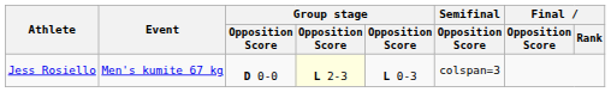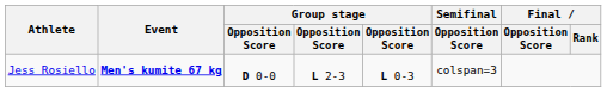 <table class="wikitable" style="font-size:90%">
 <tr>
 <th rowspan="2">Athlete</th>
 <th rowspan="2">Event</th>
 <th colspan="3">Group stage</th>
 <th>Semifinal</th>
 <th colspan=2>Final / </th>
 </tr>
 <tr style="font-size:95%">
 <th>Opposition <br> Score</th>
 <th>Opposition <br> Score</th>
 <th>Opposition <br> Score</th>
 <th>Opposition <br> Score</th>
 <th>Opposition <br> Score</th>
 <th>Rank</th>
 </tr>
 <tr align=center>
 <td align=left><a href='#'>Jess Rosiello</a></td>
-<td align=center><a href='#'>Men's kumite 67 kg</a></td>
+<td align=center><strong><a href='#'>Men's kumite 67 kg</a></strong></td>
 <td><br><strong>D</strong> 0-0</td>
-<td style="background: lightyellow;"><br><strong>L</strong> 2-3</td>
+<td><br><strong>L</strong> 2-3</td>
 <td><br><strong>L</strong> 0-3</td>
 <td>colspan=3 </td>
 </tr>
 </table>
